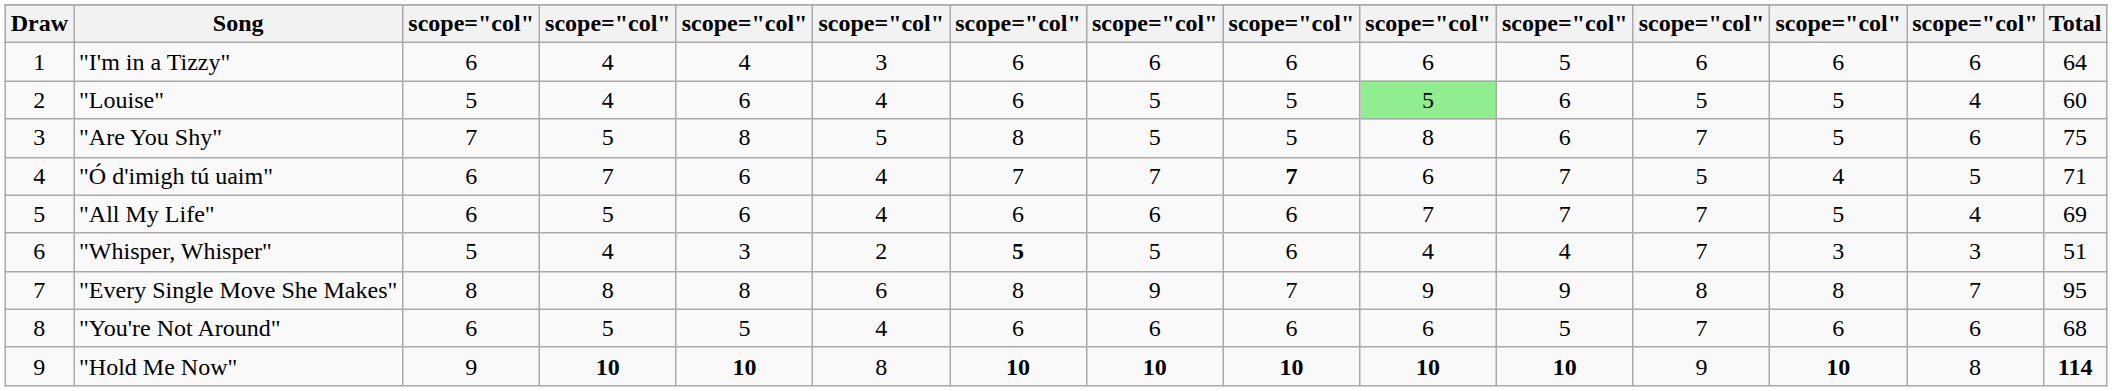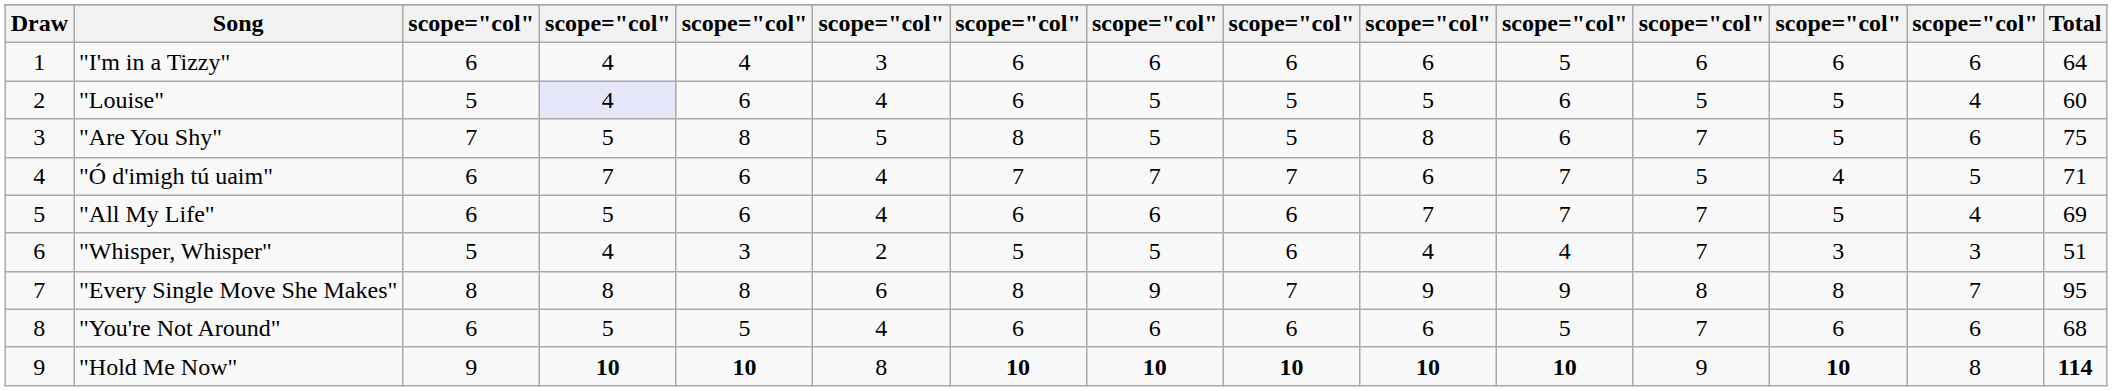 <table class="wikitable plainrowheaders" style="margin: 1em auto 1em auto; text-align:center;">
 <tr>
 </tr>
 <tr>
 <th scope="col">Draw</th>
 <th scope="col">Song</th>
 <th>scope="col" </th>
 <th>scope="col" </th>
 <th>scope="col" </th>
 <th>scope="col" </th>
 <th>scope="col" </th>
 <th>scope="col" </th>
 <th>scope="col" </th>
 <th>scope="col" </th>
 <th>scope="col" </th>
 <th>scope="col" </th>
 <th>scope="col" </th>
 <th>scope="col" </th>
 <th scope="col">Total</th>
 </tr>
 <tr --->
 <td>1</td>
 <td align="left">"I'm in a Tizzy"</td>
 <td>6</td>
 <td>4</td>
 <td>4</td>
 <td>3</td>
 <td>6</td>
 <td>6</td>
 <td>6</td>
 <td>6</td>
 <td>5</td>
 <td>6</td>
 <td>6</td>
 <td>6</td>
 <td>64</td>
 </tr>
 <tr --->
 <td>2</td>
 <td align="left">"Louise"</td>
 <td>5</td>
-<td>4</td>
+<td style="background: lavender;">4</td>
 <td>6</td>
 <td>4</td>
 <td>6</td>
 <td>5</td>
 <td>5</td>
-<td style="background: lightgreen;">5</td>
+<td>5</td>
 <td>6</td>
 <td>5</td>
 <td>5</td>
 <td>4</td>
 <td>60</td>
 </tr>
 <tr --->
 <td>3</td>
 <td align="left">"Are You Shy"</td>
 <td>7</td>
 <td>5</td>
 <td>8</td>
 <td>5</td>
 <td>8</td>
 <td>5</td>
 <td>5</td>
 <td>8</td>
 <td>6</td>
 <td>7</td>
 <td>5</td>
 <td>6</td>
 <td>75</td>
 </tr>
 <tr --->
 <td>4</td>
 <td align="left">"Ó d'imigh tú uaim"</td>
 <td>6</td>
 <td>7</td>
 <td>6</td>
 <td>4</td>
 <td>7</td>
 <td>7</td>
-<td><strong>7</strong></td>
+<td>7</td>
 <td>6</td>
 <td>7</td>
 <td>5</td>
 <td>4</td>
 <td>5</td>
 <td>71</td>
 </tr>
 <tr --->
 <td>5</td>
 <td align="left">"All My Life"</td>
 <td>6</td>
 <td>5</td>
 <td>6</td>
 <td>4</td>
 <td>6</td>
 <td>6</td>
 <td>6</td>
 <td>7</td>
 <td>7</td>
 <td>7</td>
 <td>5</td>
 <td>4</td>
 <td>69</td>
 </tr>
 <tr --->
 <td>6</td>
 <td align="left">"Whisper, Whisper"</td>
 <td>5</td>
 <td>4</td>
 <td>3</td>
 <td>2</td>
-<td><strong>5</strong></td>
+<td>5</td>
 <td>5</td>
 <td>6</td>
 <td>4</td>
 <td>4</td>
 <td>7</td>
 <td>3</td>
 <td>3</td>
 <td>51</td>
 </tr>
 <tr --->
 <td>7</td>
 <td align="left">"Every Single Move She Makes"</td>
 <td>8</td>
 <td>8</td>
 <td>8</td>
 <td>6</td>
 <td>8</td>
 <td>9</td>
 <td>7</td>
 <td>9</td>
 <td>9</td>
 <td>8</td>
 <td>8</td>
 <td>7</td>
 <td>95</td>
 </tr>
 <tr --->
 <td>8</td>
 <td align="left">"You're Not Around"</td>
 <td>6</td>
 <td>5</td>
 <td>5</td>
 <td>4</td>
 <td>6</td>
 <td>6</td>
 <td>6</td>
 <td>6</td>
 <td>5</td>
 <td>7</td>
 <td>6</td>
 <td>6</td>
 <td>68</td>
 </tr>
 <tr --->
 <td>9</td>
 <td align="left">"Hold Me Now"</td>
 <td>9</td>
 <td><strong>10</strong></td>
 <td><strong>10</strong></td>
 <td>8</td>
 <td><strong>10</strong></td>
 <td><strong>10</strong></td>
 <td><strong>10</strong></td>
 <td><strong>10</strong></td>
 <td><strong>10</strong></td>
 <td>9</td>
 <td><strong>10</strong></td>
 <td>8</td>
 <td><strong>114</strong></td>
 </tr>
 </table>
